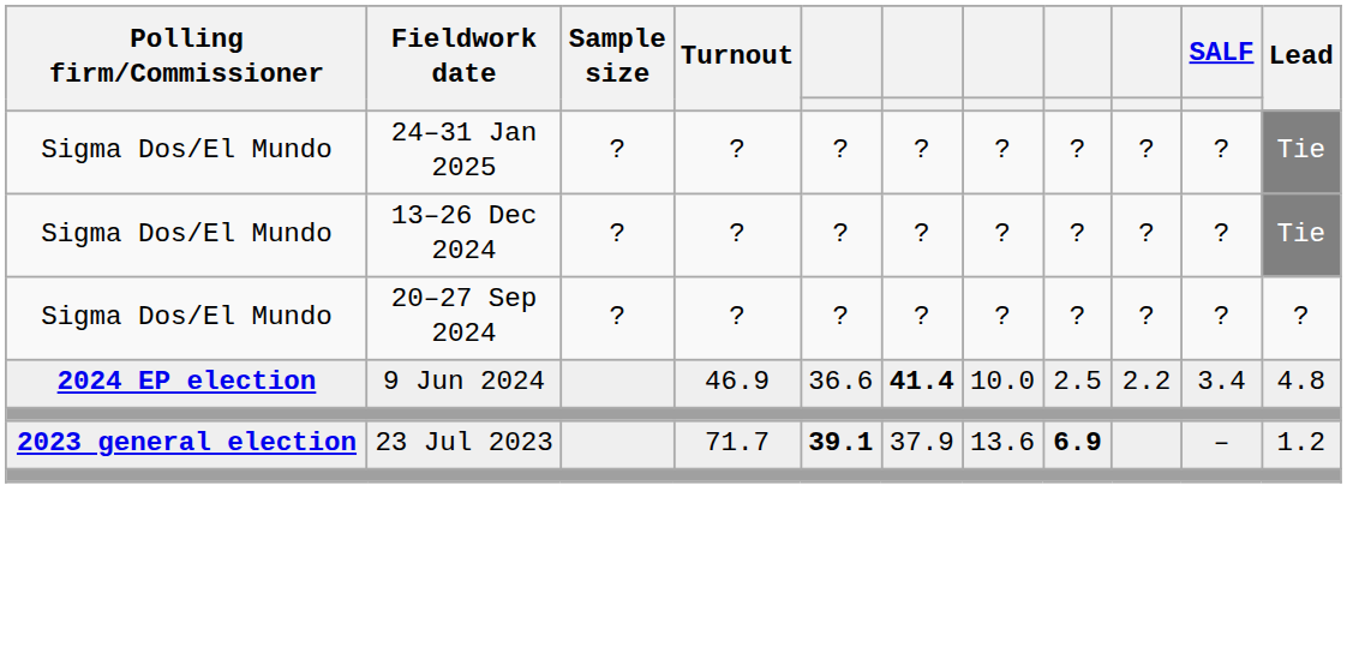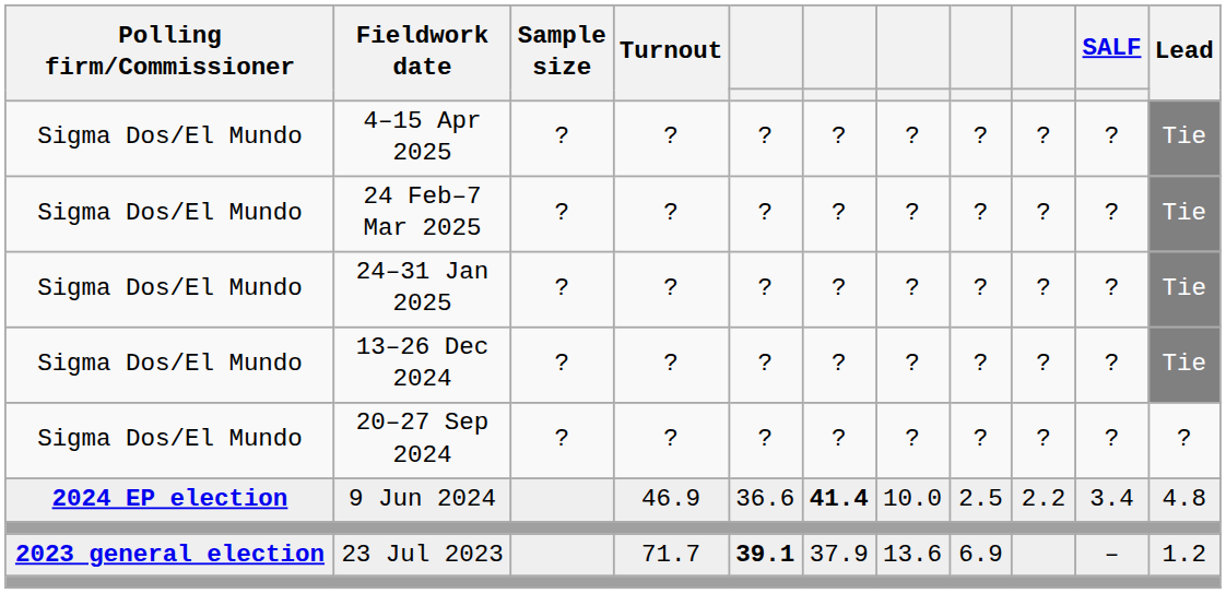 <table class="wikitable collapsible collapsed" style="text-align:center; font-size:95%; line-height:16px;">
 <tr style="height:42px;">
 <th style="width:250px;" rowspan="2">Polling firm/Commissioner</th>
 <th style="width:125px;" rowspan="2">Fieldwork date</th>
 <th style="width:50px;" rowspan="2">Sample size</th>
 <th style="width:45px;" rowspan="2">Turnout</th>
 <th style="width:35px;"></th>
 <th style="width:35px;"></th>
 <th style="width:35px;"></th>
 <th style="width:35px;"></th>
 <th style="width:35px;"></th>
 <th style="width:35px;"><a href='#'>SALF</a></th>
 <th style="width:30px;" rowspan="2">Lead</th>
 </tr>
 <tr>
 <th style="color:inherit;background:"></th>
 <th style="color:inherit;background:"></th>
 <th style="color:inherit;background:"></th>
 <th style="color:inherit;background:"></th>
 <th style="color:inherit;background:"></th>
 <th style="color:inherit;background:"></th>
+</tr>
+<tr>
+<td>Sigma Dos/El Mundo</td>
+<td>4–15 Apr 2025</td>
+<td>?</td>
+<td>?</td>
+<td>?<br></td>
+<td>?<br></td>
+<td>?<br></td>
+<td>?<br></td>
+<td>?<br></td>
+<td>?<br></td>
+<td style="background:gray;color:white;">Tie</td>
+</tr>
+<tr>
+<td>Sigma Dos/El Mundo</td>
+<td>24 Feb–7 Mar 2025</td>
+<td>?</td>
+<td>?</td>
+<td>?<br></td>
+<td>?<br></td>
+<td>?<br></td>
+<td>?<br></td>
+<td>?<br></td>
+<td>?<br></td>
+<td style="background:gray;color:white;">Tie</td>
 </tr>
 <tr>
 <td>Sigma Dos/El Mundo</td>
 <td>24–31 Jan 2025</td>
 <td>?</td>
 <td>?</td>
 <td>?<br></td>
 <td>?<br></td>
 <td>?<br></td>
 <td>?<br></td>
 <td>?<br></td>
 <td>?<br></td>
 <td style="background:gray;color:white;">Tie</td>
 </tr>
 <tr>
 <td>Sigma Dos/El Mundo</td>
 <td>13–26 Dec 2024</td>
 <td>?</td>
 <td>?</td>
 <td>?<br></td>
 <td>?<br></td>
 <td>?<br></td>
 <td>?<br></td>
 <td>?<br></td>
 <td>?<br></td>
 <td style="background:gray;color:white;">Tie</td>
 </tr>
 <tr>
 <td>Sigma Dos/El Mundo</td>
 <td>20–27 Sep 2024</td>
 <td>?</td>
 <td>?</td>
 <td>?<br></td>
 <td>?<br></td>
 <td>?<br></td>
 <td>?<br></td>
 <td>?<br></td>
 <td>?<br></td>
 <td style="background:">?</td>
 </tr>
 <tr style="background:#EFEFEF;">
 <td><strong><a href='#'>2024 EP election</a></strong></td>
 <td>9 Jun 2024</td>
 <td></td>
 <td>46.9</td>
 <td>36.6<br></td>
 <td><strong>41.4</strong><br></td>
 <td>10.0<br></td>
 <td>2.5<br></td>
 <td>2.2<br></td>
 <td>3.4<br></td>
 <td style="background:">4.8</td>
 </tr>
 <tr>
 <td colspan="11" style="background:#A0A0A0"></td>
 </tr>
 <tr style="background:#EFEFEF;">
 <td><strong><a href='#'>2023 general election</a></strong></td>
 <td>23 Jul 2023</td>
 <td></td>
 <td>71.7</td>
 <td><strong>39.1</strong><br></td>
 <td>37.9<br></td>
 <td>13.6<br></td>
-<td><strong>6.9<br></strong></td>
+<td>6.9<br></td>
 <td></td>
 <td>–</td>
 <td style="background:">1.2</td>
 </tr>
 <tr>
 <td colspan="11" style="background:#A0A0A0"></td>
 </tr>
 </table>
